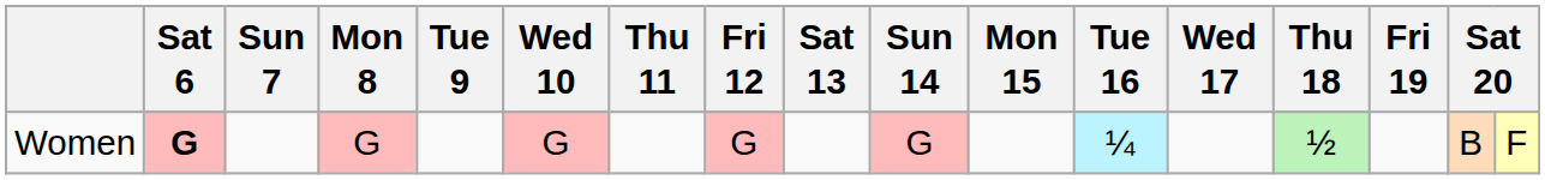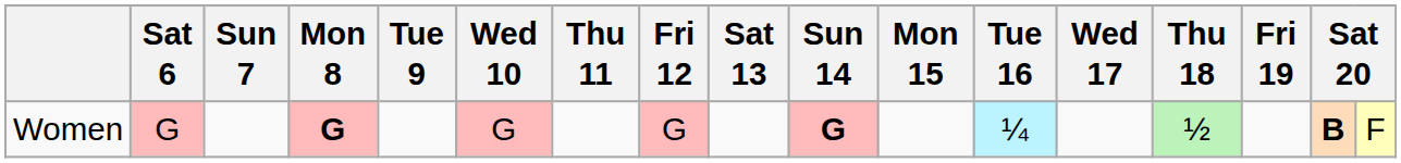 <table class="wikitable" style="margin:0.5em auto; font-size:90%; line-height:1.25em; text-align:center;">
 <tr>
 <th></th>
 <th>Sat 6</th>
 <th>Sun 7</th>
 <th>Mon 8</th>
 <th>Tue 9</th>
 <th>Wed 10</th>
 <th>Thu 11</th>
 <th>Fri 12</th>
 <th>Sat 13</th>
 <th>Sun 14</th>
 <th>Mon 15</th>
 <th>Tue 16</th>
 <th>Wed 17</th>
 <th>Thu 18</th>
 <th>Fri 19</th>
 <th colspan="2">Sat 20</th>
 </tr>
 <tr>
 <td>Women</td>
+<td bgcolor="#FFBBBB">G</td>
+<td></td>
 <td bgcolor="#FFBBBB"><strong>G</strong></td>
 <td></td>
 <td bgcolor="#FFBBBB">G</td>
 <td></td>
 <td bgcolor="#FFBBBB">G</td>
 <td></td>
-<td bgcolor="#FFBBBB">G</td>
-<td></td>
-<td bgcolor="#FFBBBB">G</td>
+<td bgcolor="#FFBBBB"><strong>G</strong></td>
 <td></td>
 <td bgcolor="#BBF3FF">¼</td>
 <td></td>
 <td bgcolor="#BBF3BB">½</td>
 <td></td>
-<td bgcolor="#FEDCBA">B</td>
+<td bgcolor="#FEDCBA"><strong>B</strong></td>
 <td bgcolor="#FFFFBB">F</td>
 </tr>
 </table>
